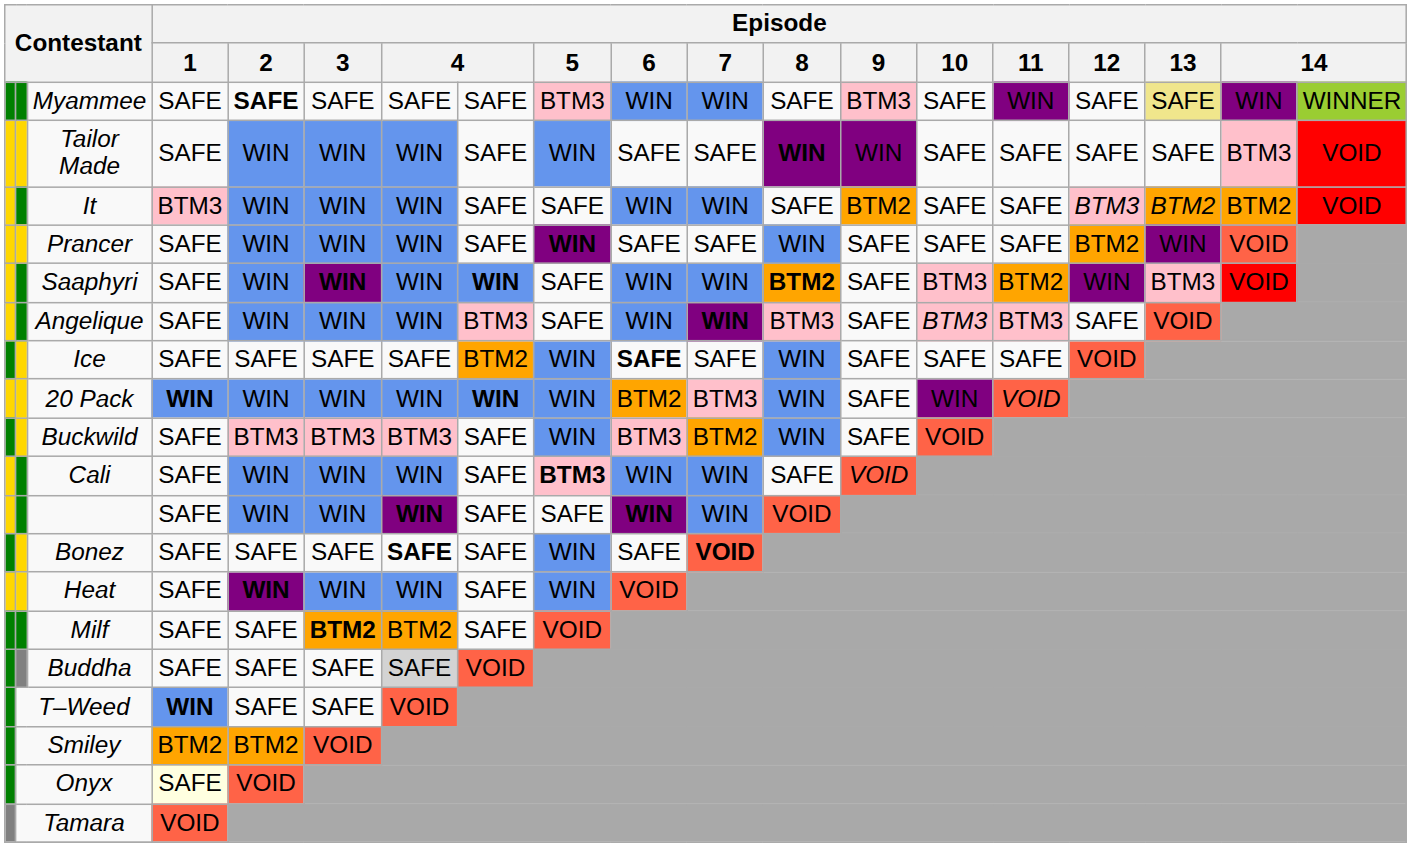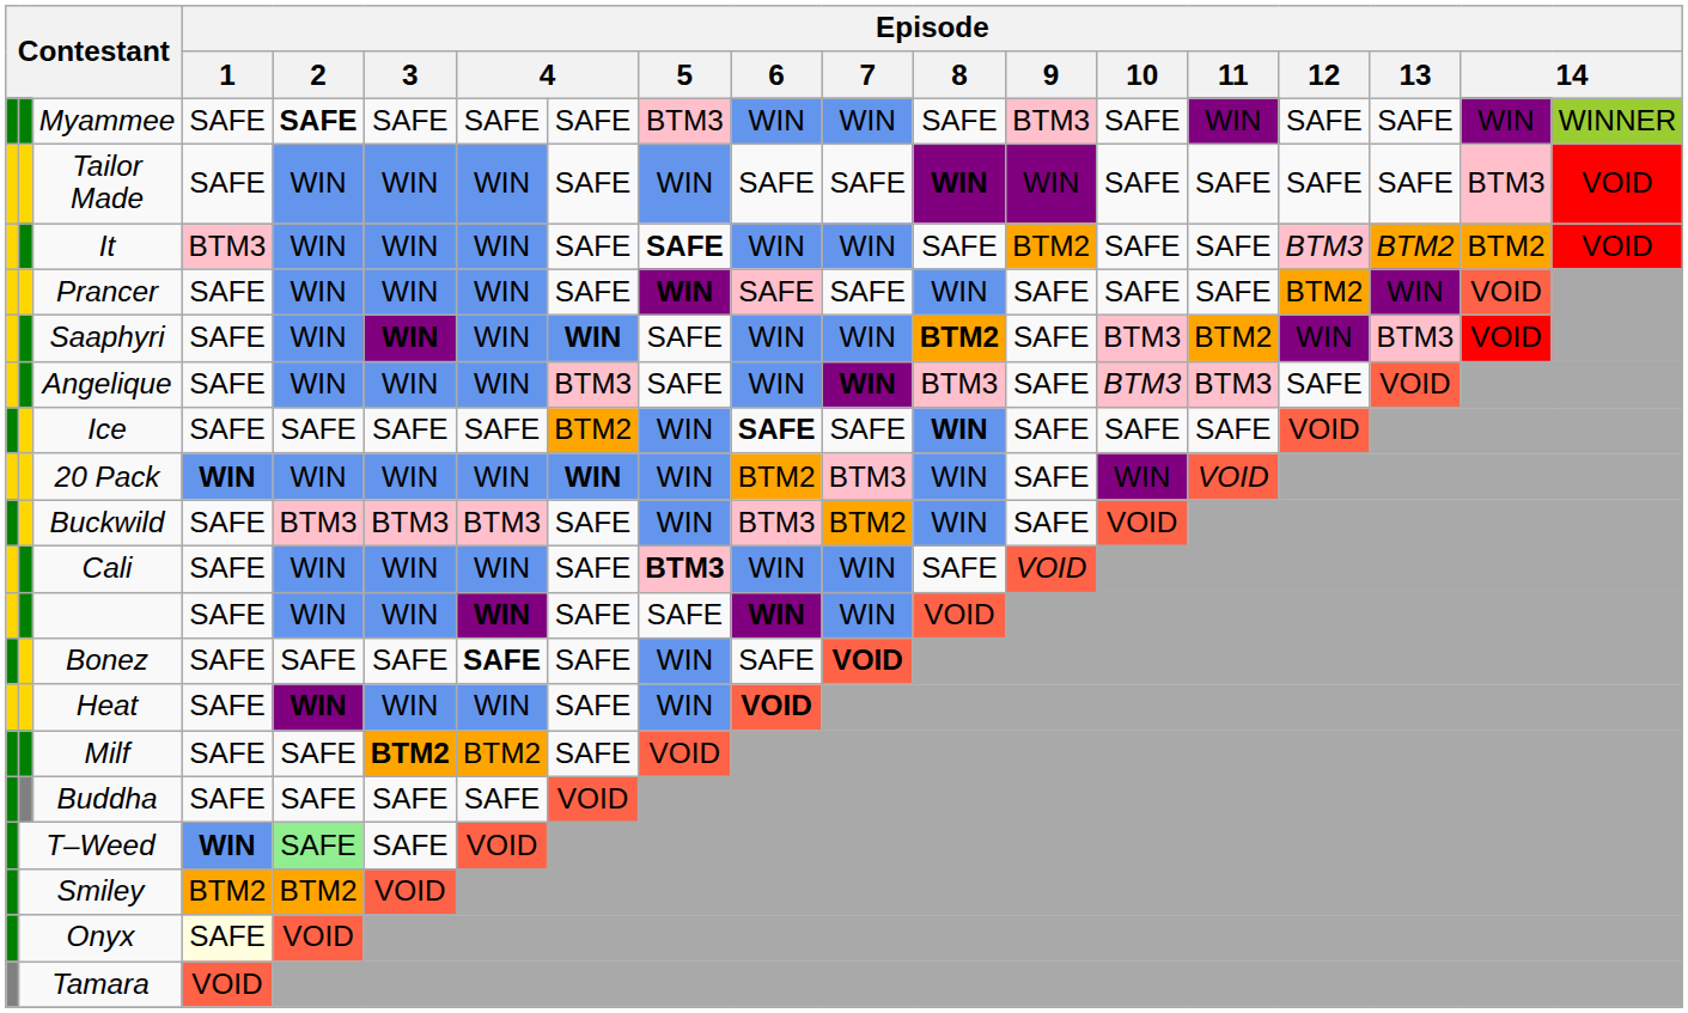 <table class="wikitable" style="text-align:center; font-size:100%; width:60%">
 <tr>
 <th style="width:1%" rowspan=2 colspan=3>Contestant</th>
 <th colspan=17>Episode</th>
 </tr>
 <tr>
 <th>1</th>
 <th>2</th>
 <th>3</th>
 <th colspan=2>4</th>
 <th>5</th>
 <th>6</th>
 <th>7</th>
 <th>8</th>
 <th>9</th>
 <th>10</th>
 <th>11</th>
 <th>12</th>
 <th>13</th>
 <th colspan=2>14</th>
 </tr>
 <tr>
 <td bgcolor="green"></td>
 <td bgcolor="green"></td>
 <td><em>Myammee</em></td>
 <td>SAFE</td>
 <td><strong>SAFE</strong></td>
 <td>SAFE</td>
 <td>SAFE</td>
 <td>SAFE</td>
 <td bgcolor="pink">BTM3</td>
 <td bgcolor="cornflowerblue">WIN</td>
 <td bgcolor="cornflowerblue">WIN</td>
 <td>SAFE</td>
 <td bgcolor="pink">BTM3</td>
 <td>SAFE</td>
 <td bgcolor="purple"><span>WIN</span></td>
 <td>SAFE</td>
-<td style="background: khaki;">SAFE</td>
+<td>SAFE</td>
 <td bgcolor="purple"><span>WIN</span></td>
 <td bgcolor="yellowgreen">WINNER</td>
 </tr>
 <tr>
 <td bgcolor="gold"></td>
 <td bgcolor="gold"></td>
 <td><em>Tailor Made</em></td>
 <td>SAFE</td>
 <td bgcolor="cornflowerblue">WIN</td>
 <td bgcolor="cornflowerblue">WIN</td>
 <td bgcolor="cornflowerblue">WIN</td>
 <td>SAFE</td>
 <td bgcolor="cornflowerblue">WIN</td>
 <td>SAFE</td>
 <td>SAFE</td>
 <td bgcolor="purple"><span><strong>WIN</strong></span></td>
 <td bgcolor="purple"><span>WIN</span></td>
 <td>SAFE</td>
 <td>SAFE</td>
 <td>SAFE</td>
 <td>SAFE</td>
 <td bgcolor="pink">BTM3</td>
 <td bgcolor="red">VOID</td>
 </tr>
 <tr>
 <td bgcolor="gold"></td>
 <td bgcolor="green"></td>
 <td><em>It</em></td>
 <td bgcolor="pink">BTM3</td>
 <td bgcolor="cornflowerblue">WIN</td>
 <td bgcolor="cornflowerblue">WIN</td>
 <td bgcolor="cornflowerblue">WIN</td>
 <td>SAFE</td>
-<td>SAFE</td>
+<td><strong>SAFE</strong></td>
 <td bgcolor="cornflowerblue">WIN</td>
 <td bgcolor="cornflowerblue">WIN</td>
 <td>SAFE</td>
 <td bgcolor="orange">BTM2</td>
 <td>SAFE</td>
 <td>SAFE</td>
 <td bgcolor="pink"><em>BTM3</em></td>
 <td bgcolor="orange"><em>BTM2</em></td>
 <td bgcolor="orange">BTM2</td>
 <td bgcolor="red">VOID</td>
 </tr>
 <tr>
 <td bgcolor="gold"></td>
 <td bgcolor="gold"></td>
 <td><em>Prancer</em></td>
 <td>SAFE</td>
 <td bgcolor="cornflowerblue">WIN</td>
 <td bgcolor="cornflowerblue">WIN</td>
 <td bgcolor="cornflowerblue">WIN</td>
 <td>SAFE</td>
 <td bgcolor="purple"><span><strong>WIN</strong></span></td>
-<td>SAFE</td>
+<td style="background: pink;">SAFE</td>
 <td>SAFE</td>
 <td bgcolor="cornflowerblue">WIN</td>
 <td>SAFE</td>
 <td>SAFE</td>
 <td>SAFE</td>
 <td bgcolor="orange">BTM2</td>
 <td bgcolor="purple"><span>WIN</span></td>
 <td bgcolor="tomato">VOID</td>
 <td bgcolor=darkgray></td>
 </tr>
 <tr>
 <td bgcolor="gold"></td>
 <td bgcolor="green"></td>
 <td><em>Saaphyri</em></td>
 <td>SAFE</td>
 <td bgcolor="cornflowerblue">WIN</td>
 <td bgcolor="purple"><span><strong>WIN</strong></span></td>
 <td bgcolor="cornflowerblue">WIN</td>
 <td bgcolor="cornflowerblue"><strong>WIN</strong></td>
 <td>SAFE</td>
 <td bgcolor="cornflowerblue">WIN</td>
 <td bgcolor="cornflowerblue">WIN</td>
 <td bgcolor="orange"><strong>BTM2</strong></td>
 <td>SAFE</td>
 <td bgcolor="pink">BTM3</td>
 <td bgcolor="orange">BTM2</td>
 <td bgcolor="purple"><span>WIN</span></td>
 <td bgcolor="pink">BTM3</td>
 <td bgcolor="red">VOID</td>
 <td bgcolor=darkgray></td>
 </tr>
 <tr>
 <td bgcolor="gold"></td>
 <td bgcolor="green"></td>
 <td><em>Angelique</em></td>
 <td>SAFE</td>
 <td bgcolor="cornflowerblue">WIN</td>
 <td bgcolor="cornflowerblue">WIN</td>
 <td bgcolor="cornflowerblue">WIN</td>
 <td bgcolor="pink">BTM3</td>
 <td>SAFE</td>
 <td bgcolor="cornflowerblue">WIN</td>
 <td bgcolor="purple"><span><strong>WIN</strong></span></td>
 <td bgcolor="pink">BTM3</td>
 <td>SAFE</td>
 <td bgcolor="pink"><em>BTM3</em></td>
 <td bgcolor="pink">BTM3</td>
 <td>SAFE</td>
 <td bgcolor="tomato">VOID</td>
 <td bgcolor=darkgray colspan=2></td>
 </tr>
 <tr>
 <td bgcolor="green"></td>
 <td bgcolor="gold"></td>
 <td><em>Ice</em></td>
 <td>SAFE</td>
 <td>SAFE</td>
 <td>SAFE</td>
 <td>SAFE</td>
 <td bgcolor="orange">BTM2</td>
 <td bgcolor="cornflowerblue">WIN</td>
 <td><strong>SAFE</strong></td>
 <td>SAFE</td>
-<td bgcolor="cornflowerblue">WIN</td>
+<td bgcolor="cornflowerblue"><strong>WIN</strong></td>
 <td>SAFE</td>
 <td>SAFE</td>
 <td>SAFE</td>
 <td bgcolor="tomato">VOID</td>
 <td bgcolor=darkgray colspan=3></td>
 </tr>
 <tr>
 <td bgcolor="gold"></td>
 <td bgcolor="gold"></td>
 <td><em>20 Pack</em></td>
 <td bgcolor="cornflowerblue"><strong>WIN</strong></td>
 <td bgcolor="cornflowerblue">WIN</td>
 <td bgcolor="cornflowerblue">WIN</td>
 <td bgcolor="cornflowerblue">WIN</td>
 <td bgcolor="cornflowerblue"><strong>WIN</strong></td>
 <td bgcolor="cornflowerblue">WIN</td>
 <td bgcolor="orange">BTM2</td>
 <td bgcolor="pink">BTM3</td>
 <td bgcolor="cornflowerblue">WIN</td>
 <td>SAFE</td>
 <td bgcolor="purple"><span>WIN</span></td>
 <td bgcolor="tomato"><em>VOID</em></td>
 <td bgcolor=darkgray colspan=4></td>
 </tr>
 <tr>
 <td bgcolor="green"></td>
 <td bgcolor="gold"></td>
 <td><em>Buckwild</em></td>
 <td>SAFE</td>
 <td bgcolor="pink">BTM3</td>
 <td bgcolor="pink">BTM3</td>
 <td bgcolor="pink">BTM3</td>
 <td>SAFE</td>
 <td bgcolor="cornflowerblue">WIN</td>
 <td bgcolor="pink">BTM3</td>
 <td bgcolor="orange">BTM2</td>
 <td bgcolor="cornflowerblue">WIN</td>
 <td>SAFE</td>
 <td bgcolor="tomato">VOID</td>
 <td bgcolor=darkgray colspan=5></td>
 </tr>
 <tr>
 <td bgcolor="gold"></td>
 <td bgcolor="green"></td>
 <td><em>Cali</em></td>
 <td>SAFE</td>
 <td bgcolor="cornflowerblue">WIN</td>
 <td bgcolor="cornflowerblue">WIN</td>
 <td bgcolor="cornflowerblue">WIN</td>
 <td>SAFE</td>
 <td bgcolor="pink"><strong>BTM3</strong></td>
 <td bgcolor="cornflowerblue">WIN</td>
 <td bgcolor="cornflowerblue">WIN</td>
 <td>SAFE</td>
 <td bgcolor="tomato"><em>VOID</em></td>
 <td bgcolor=darkgray colspan=6></td>
 </tr>
 <tr>
 <td bgcolor="gold"></td>
 <td bgcolor="green"></td>
 <td><em></em></td>
 <td>SAFE</td>
 <td bgcolor="cornflowerblue">WIN</td>
 <td bgcolor="cornflowerblue">WIN</td>
 <td bgcolor="purple"><span><strong>WIN</strong></span></td>
 <td>SAFE</td>
 <td>SAFE</td>
 <td bgcolor="purple"><span><strong>WIN</strong></span></td>
 <td bgcolor="cornflowerblue">WIN</td>
 <td bgcolor="tomato">VOID</td>
 <td bgcolor=darkgray colspan=7></td>
 </tr>
 <tr>
 <td bgcolor="green"></td>
 <td bgcolor="gold"></td>
 <td><em>Bonez</em></td>
 <td>SAFE</td>
 <td>SAFE</td>
 <td>SAFE</td>
 <td><strong>SAFE</strong></td>
 <td>SAFE</td>
 <td bgcolor="cornflowerblue">WIN</td>
 <td>SAFE</td>
 <td bgcolor="tomato"><strong>VOID</strong></td>
 <td bgcolor=darkgray colspan=8></td>
 </tr>
 <tr>
 <td bgcolor="gold"></td>
 <td bgcolor="gold"></td>
 <td><em>Heat</em></td>
 <td>SAFE</td>
 <td bgcolor="purple"><span><strong>WIN</strong></span></td>
 <td bgcolor="cornflowerblue">WIN</td>
 <td bgcolor="cornflowerblue">WIN</td>
 <td>SAFE</td>
 <td bgcolor="cornflowerblue">WIN</td>
-<td bgcolor="tomato">VOID</td>
+<td bgcolor="tomato"><strong>VOID</strong></td>
 <td bgcolor=darkgray colspan=9></td>
 </tr>
 <tr>
 <td bgcolor="green"></td>
 <td bgcolor="green"></td>
 <td><em>Milf</em></td>
 <td>SAFE</td>
 <td>SAFE</td>
 <td bgcolor="orange"><strong>BTM2</strong></td>
 <td bgcolor="orange">BTM2</td>
 <td>SAFE</td>
 <td bgcolor="tomato">VOID</td>
 <td bgcolor=darkgray colspan=10></td>
 </tr>
 <tr>
 <td bgcolor="green"></td>
 <td bgcolor="gray"></td>
 <td><em>Buddha</em></td>
 <td>SAFE</td>
 <td>SAFE</td>
 <td>SAFE</td>
-<td style="background: lightgrey;">SAFE</td>
+<td>SAFE</td>
 <td bgcolor="tomato">VOID</td>
 <td bgcolor=darkgray colspan=11></td>
 </tr>
 <tr>
 <td bgcolor="green"></td>
 <td colspan=2><em>T–Weed</em></td>
 <td bgcolor="cornflowerblue"><strong>WIN</strong></td>
-<td>SAFE</td>
+<td style="background: lightgreen;">SAFE</td>
 <td>SAFE</td>
 <td bgcolor="tomato">VOID</td>
 <td bgcolor=darkgray colspan=12></td>
 </tr>
 <tr>
 <td bgcolor="green"></td>
 <td colspan=2><em>Smiley</em></td>
 <td bgcolor="orange">BTM2</td>
 <td bgcolor="orange">BTM2</td>
 <td bgcolor="tomato">VOID</td>
 <td bgcolor=darkgray colspan=13></td>
 </tr>
 <tr>
 <td bgcolor="green"></td>
 <td colspan=2><em>Onyx</em></td>
 <td style="background: lightyellow;">SAFE</td>
 <td bgcolor="tomato">VOID</td>
 <td bgcolor=darkgray colspan=14></td>
 </tr>
 <tr>
 <td bgcolor="gray"></td>
 <td colspan=2><em>Tamara</em></td>
 <td bgcolor="tomato">VOID</td>
 <td bgcolor=darkgray colspan=15></td>
 </tr>
 <tr>
 </tr>
 </table>
